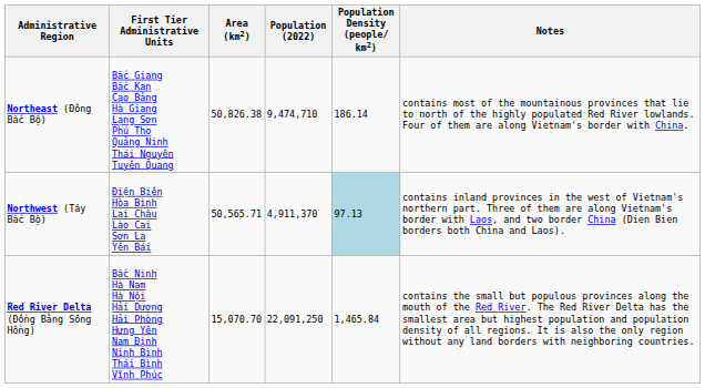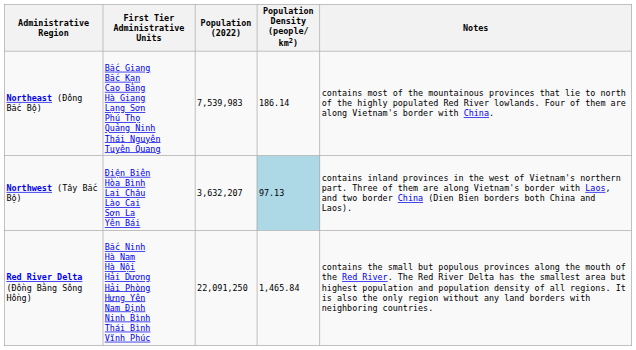 <table class="wikitable" border="1" style="font-size:90%">
 <tr>
 <th>Administrative Region</th>
 <th>First Tier Administrative Units</th>
-<th>Area (km<sup>2</sup>)</th>
 <th>Population (2022)</th>
 <th>Population Density<br>(people/ km<sup>2</sup>)</th>
 <th>Notes</th>
 </tr>
 <tr>
 <td><strong><a href='#'>Northeast</a></strong> (Đông Bắc Bộ)</td>
 <td><br><a href='#'>Bắc Giang</a><br> <a href='#'>Bắc Kạn</a><br> <a href='#'>Cao Bằng</a><br> <a href='#'>Hà Giang</a><br> <a href='#'>Lạng Sơn</a><br> <a href='#'>Phú Thọ</a><br> <a href='#'>Quảng Ninh</a><br> <a href='#'>Thái Nguyên</a><br> <a href='#'>Tuyên Quang</a></td>
-<td>50,826.38</td>
-<td>9,474,710</td>
+<td>7,539,983</td>
 <td>186.14</td>
 <td>contains most of the mountainous provinces that lie to north of the highly populated Red River lowlands. Four of them are along Vietnam's border with <a href='#'>China</a>.</td>
 </tr>
 <tr>
 <td><strong><a href='#'>Northwest</a></strong> (Tây Bắc Bộ)</td>
 <td><br><a href='#'>Điện Biên</a><br> <a href='#'>Hòa Bình</a><br> <a href='#'>Lai Châu</a><br> <a href='#'>Lào Cai</a><br> <a href='#'>Sơn La</a><br> <a href='#'>Yên Bái</a></td>
-<td>50,565.71</td>
-<td>4,911,370</td>
+<td>3,632,207</td>
 <td style="background: lightblue;">97.13</td>
 <td>contains inland provinces in the west of Vietnam's northern part. Three of them are along Vietnam's border with <a href='#'>Laos</a>, and two border <a href='#'>China</a> (Dien Bien borders both China and Laos).</td>
 </tr>
 <tr>
 <td><strong><a href='#'>Red River Delta</a></strong> (Đồng Bằng Sông Hồng)</td>
 <td><br><a href='#'>Bắc Ninh</a><br> <a href='#'>Hà Nam</a><br> <a href='#'>Hà Nội</a> <br> <a href='#'>Hải Dương</a><br> <a href='#'>Hải Phòng</a> <br> <a href='#'>Hưng Yên</a><br> <a href='#'>Nam Định</a><br> <a href='#'>Ninh Bình</a><br> <a href='#'>Thái Bình</a><br> <a href='#'>Vĩnh Phúc</a></td>
-<td>15,070.70</td>
 <td>22,091,250</td>
 <td>1,465.84</td>
 <td>contains the small but populous provinces along the mouth of the <a href='#'>Red River</a>. The Red River Delta has the smallest area but highest population and population density of all regions. It is also the only region without any land borders with neighboring countries.</td>
 </tr>
 </table>
